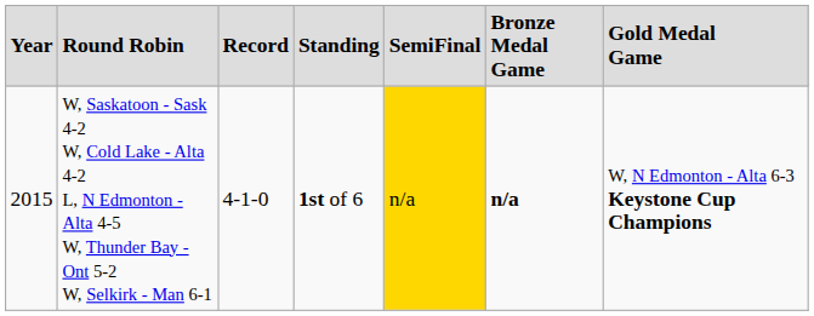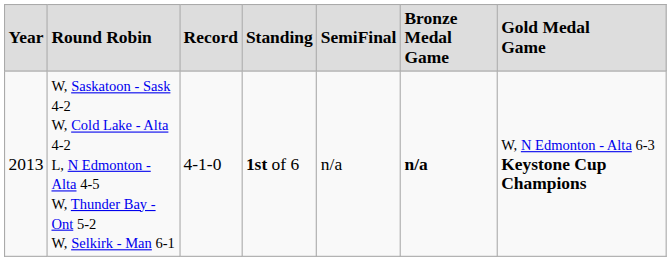 <table class="wikitable">
 <tr style="font-weight:bold; background-color:#dddddd;" |>
 <td>Year</td>
 <td>Round Robin</td>
 <td>Record</td>
 <td>Standing</td>
 <td>SemiFinal</td>
 <td>Bronze Medal<br> Game</td>
 <td>Gold Medal<br> Game</td>
 </tr>
 <tr>
-<td>2015</td>
+<td>2013</td>
 <td><small>W, <a href='#'>Saskatoon - Sask</a> 4-2<br>W, <a href='#'>Cold Lake - Alta</a> 4-2<br>L, <a href='#'>N Edmonton - Alta</a> 4-5<br>W, <a href='#'>Thunder Bay - Ont</a> 5-2<br>W, <a href='#'>Selkirk - Man</a> 6-1</small></td>
 <td>4-1-0</td>
 <td><strong>1st</strong> of 6</td>
-<td style="background: gold;">n/a</td>
+<td>n/a</td>
 <td><strong>n/a</strong></td>
 <td><small>W, <a href='#'>N Edmonton - Alta</a> 6-3</small><br> <strong>Keystone Cup Champions</strong></td>
 </tr>
 </table>
